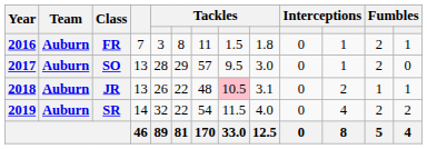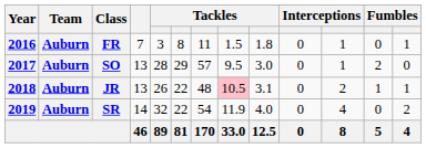 <table class="wikitable sortable" style="text-align:center;">
 <tr>
 <th rowspan="2">Year</th>
 <th rowspan="2">Team</th>
 <th rowspan="2">Class</th>
 <th rowspan="2"></th>
 <th colspan="5">Tackles</th>
 <th colspan="2">Interceptions</th>
 <th colspan="2">Fumbles</th>
 </tr>
 <tr>
 <th></th>
 <th></th>
 <th></th>
 <th></th>
 <th></th>
 <th></th>
 <th></th>
 <th></th>
 <th></th>
 </tr>
 <tr>
 <th><a href='#'>2016</a></th>
 <th><a href='#'>Auburn</a></th>
 <th><a href='#'>FR</a></th>
 <td>7</td>
 <td>3</td>
 <td>8</td>
 <td>11</td>
 <td>1.5</td>
 <td>1.8</td>
 <td>0</td>
 <td>1</td>
-<td>2</td>
+<td>0</td>
 <td>1</td>
 </tr>
 <tr>
 <th><a href='#'>2017</a></th>
 <th><a href='#'>Auburn</a></th>
 <th><a href='#'>SO</a></th>
 <td>13</td>
 <td>28</td>
 <td>29</td>
 <td>57</td>
 <td>9.5</td>
 <td>3.0</td>
 <td>0</td>
 <td>1</td>
 <td>2</td>
 <td>0</td>
 </tr>
 <tr>
 <th><a href='#'>2018</a></th>
 <th><a href='#'>Auburn</a></th>
 <th><a href='#'>JR</a></th>
 <td>13</td>
 <td>26</td>
 <td>22</td>
 <td>48</td>
 <td style="background: pink;">10.5</td>
 <td>3.1</td>
 <td>0</td>
 <td>2</td>
 <td>1</td>
 <td>1</td>
 </tr>
 <tr>
 <th><a href='#'>2019</a></th>
 <th><a href='#'>Auburn</a></th>
 <th><a href='#'>SR</a></th>
 <td>14</td>
 <td>32</td>
 <td>22</td>
 <td>54</td>
-<td>11.5</td>
+<td>11.9</td>
 <td>4.0</td>
 <td>0</td>
 <td>4</td>
-<td>2</td>
+<td>0</td>
 <td>2</td>
 </tr>
 <tr>
 <th colspan="3"></th>
 <th>46</th>
 <th>89</th>
 <th>81</th>
 <th>170</th>
 <th>33.0</th>
 <th>12.5</th>
 <th>0</th>
 <th>8</th>
 <th>5</th>
 <th>4</th>
 </tr>
 </table>
